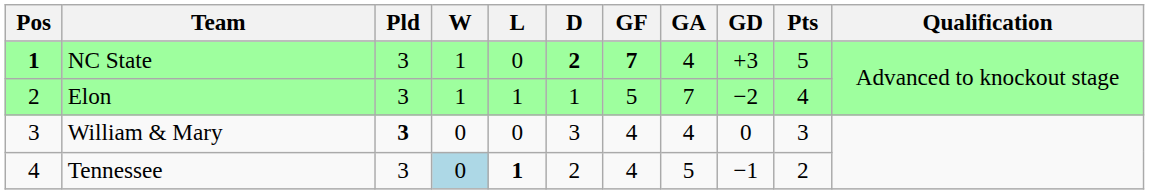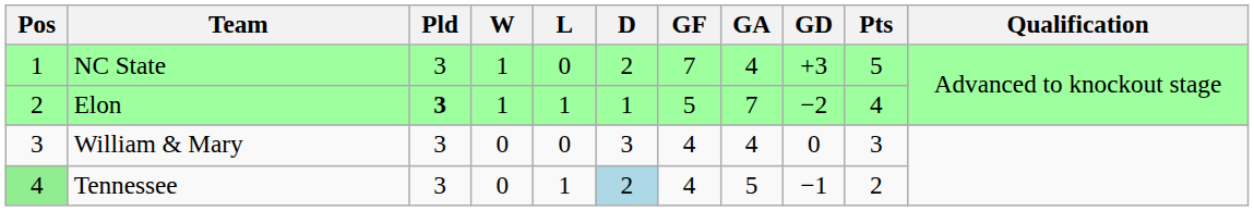 <table class="wikitable" style="text-align:center; margin: 1em auto">
 <tr>
 <th style="width:2em">Pos</th>
 <th style="width:13em">Team</th>
 <th style="width:2em">Pld</th>
 <th style="width:2em">W</th>
 <th style="width:2em">L</th>
 <th style="width:2em">D</th>
 <th style="width:2em">GF</th>
 <th style="width:2em">GA</th>
 <th style="width:2em">GD</th>
 <th style="width:2em">Pts</th>
 <th style="width:13em">Qualification</th>
 </tr>
 <tr bgcolor="#9eff9e">
-<td><strong>1</strong></td>
+<td>1</td>
 <td style="text-align:left">NC State</td>
 <td>3</td>
 <td>1</td>
 <td>0</td>
-<td><strong>2</strong></td>
-<td><strong>7</strong></td>
+<td>2</td>
+<td>7</td>
 <td>4</td>
 <td>+3</td>
 <td>5</td>
 <td rowspan="2">Advanced to knockout stage</td>
 </tr>
 <tr bgcolor="#9eff9e">
 <td>2</td>
 <td style="text-align:left">Elon</td>
-<td>3</td>
+<td><strong>3</strong></td>
 <td>1</td>
 <td>1</td>
 <td>1</td>
 <td>5</td>
 <td>7</td>
 <td>−2</td>
 <td>4</td>
 </tr>
 <tr>
 <td>3</td>
 <td style="text-align:left">William & Mary</td>
-<td><strong>3</strong></td>
+<td>3</td>
 <td>0</td>
 <td>0</td>
 <td>3</td>
 <td>4</td>
 <td>4</td>
 <td>0</td>
 <td>3</td>
 <td rowspan="2"></td>
 </tr>
 <tr>
-<td>4</td>
+<td style="background: lightgreen;">4</td>
 <td style="text-align:left">Tennessee</td>
 <td>3</td>
-<td style="background: lightblue;">0</td>
-<td><strong>1</strong></td>
-<td>2</td>
+<td>0</td>
+<td>1</td>
+<td style="background: lightblue;">2</td>
 <td>4</td>
 <td>5</td>
 <td>−1</td>
 <td>2</td>
 </tr>
 </table>
